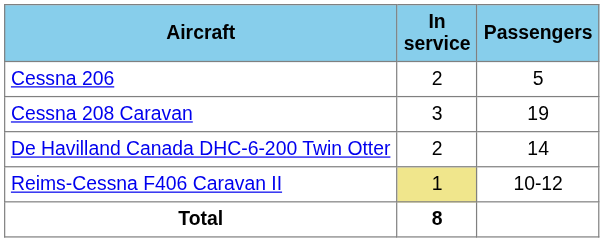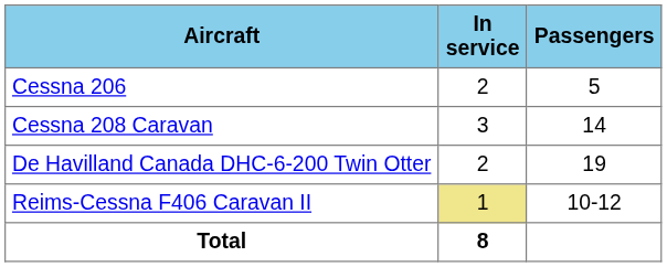 <table class="toccolours" border="1" cellpadding="5" style="border-collapse:collapse;margin:1em auto;">
 <tr style="background:skyblue;">
 <th>Aircraft</th>
 <th>In <br> service</th>
 <th>Passengers</th>
 </tr>
 <tr>
 <td><a href='#'>Cessna 206</a></td>
 <td align=center>2</td>
 <td align=center>5</td>
 </tr>
 <tr>
 <td><a href='#'>Cessna 208 Caravan</a></td>
 <td align=center>3</td>
-<td align=center>19</td>
+<td align=center>14</td>
 </tr>
 <tr>
 <td><a href='#'>De Havilland Canada DHC-6-200 Twin Otter</a></td>
 <td align=center>2</td>
-<td align=center>14</td>
+<td align=center>19</td>
 </tr>
 <tr>
 <td><a href='#'>Reims-Cessna F406 Caravan II</a></td>
 <td align=center style="background: khaki;">1</td>
 <td align=center>10-12</td>
 </tr>
 <tr>
 <th>Total</th>
 <th>8</th>
 <td colspan=2></td>
 </tr>
 </table>
